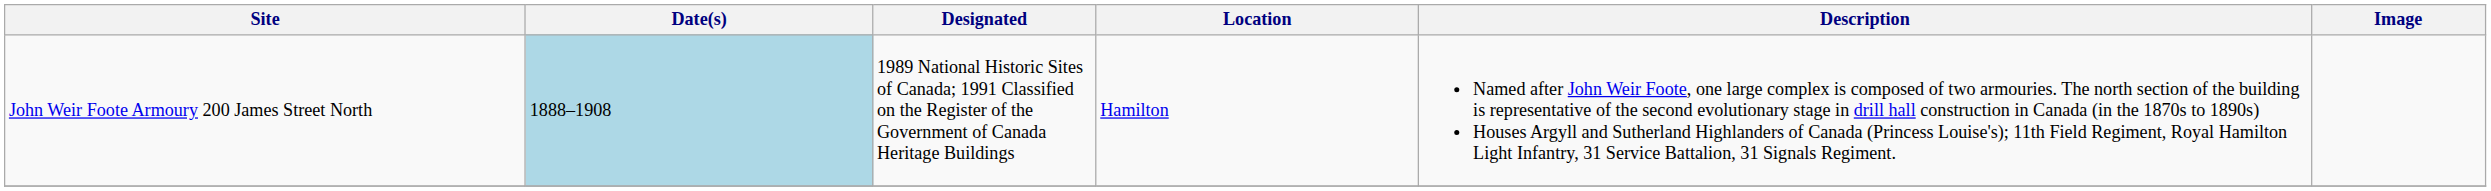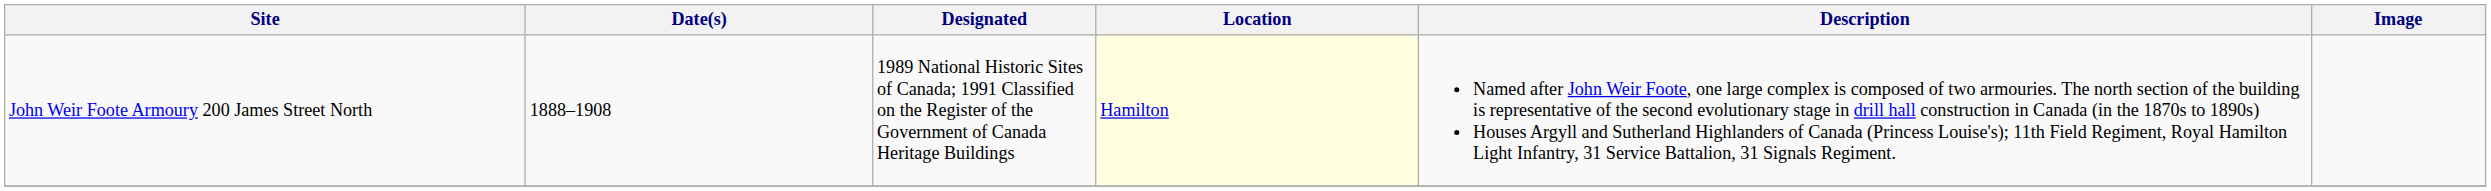 <table class="wikitable sortable" style="font-size:90%">
 <tr>
 <th style="background: #f2f2f2; color: #000080" width="21%">Site</th>
 <th style="background: #f2f2f2; color: #000080" width="14%">Date(s)</th>
 <th style="background: #f2f2f2; color: #000080" width="9%">Designated</th>
 <th style="background: #f2f2f2; color: #000080" width="13%">Location</th>
 <th style="background: #f2f2f2; color: #000080" width="36%" class="unsortable">Description</th>
 <th style="background: #f2f2f2; color: #000080" width="7%" class="unsortable">Image</th>
 </tr>
 <tr>
 <td><a href='#'>John Weir Foote Armoury</a> 200 James Street North</td>
-<td style="background: lightblue;">1888–1908</td>
+<td>1888–1908</td>
 <td>1989 National Historic Sites of Canada; 1991 Classified on the Register of the Government of Canada Heritage Buildings</td>
-<td><a href='#'>Hamilton</a><br></td>
+<td style="background: lightyellow;"><a href='#'>Hamilton</a><br></td>
 <td><br><ul><li>Named after <a href='#'>John Weir Foote</a>, one large complex is composed of two armouries. The north section of the building is representative of the second evolutionary stage in <a href='#'>drill hall</a> construction in Canada (in the 1870s to 1890s)</li><li>Houses Argyll and Sutherland Highlanders of Canada (Princess Louise's); 11th Field Regiment, Royal Hamilton Light Infantry, 31 Service Battalion, 31 Signals Regiment.</li></ul></td>
 <td></td>
 </tr>
 <tr>
 </tr>
 </table>
